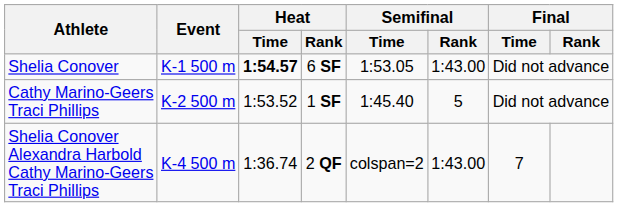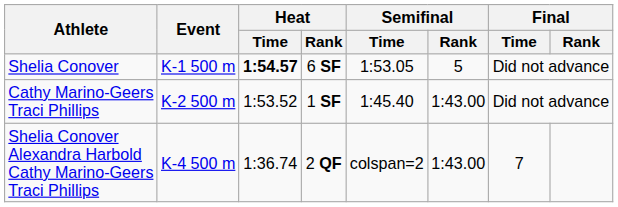 <table class=wikitable style=font-size:90%;text-align:center>
 <tr>
 <th rowspan=2>Athlete</th>
 <th rowspan=2>Event</th>
 <th colspan=2>Heat</th>
 <th colspan=2>Semifinal</th>
 <th colspan=2>Final</th>
 </tr>
 <tr style=font-size:95%>
 <th>Time</th>
 <th>Rank</th>
 <th>Time</th>
 <th>Rank</th>
 <th>Time</th>
 <th>Rank</th>
 </tr>
 <tr>
 <td align=left><a href='#'>Shelia Conover</a></td>
 <td align=left><a href='#'>K-1 500 m</a></td>
 <td><strong>1:54.57</strong></td>
 <td>6 <strong>SF</strong></td>
 <td>1:53.05</td>
-<td>1:43.00</td>
+<td>5</td>
 <td colspan=2>Did not advance</td>
 </tr>
 <tr>
 <td align=left><a href='#'>Cathy Marino-Geers</a><br><a href='#'>Traci Phillips</a></td>
 <td align=left><a href='#'>K-2 500 m</a></td>
 <td>1:53.52</td>
 <td>1 <strong>SF</strong></td>
 <td>1:45.40</td>
-<td>5</td>
+<td>1:43.00</td>
 <td colspan=2>Did not advance</td>
 </tr>
 <tr>
 <td align=left><a href='#'>Shelia Conover</a><br><a href='#'>Alexandra Harbold</a><br><a href='#'>Cathy Marino-Geers</a><br><a href='#'>Traci Phillips</a></td>
 <td align=left><a href='#'>K-4 500 m</a></td>
 <td>1:36.74</td>
 <td>2 <strong>QF</strong></td>
 <td>colspan=2 </td>
 <td>1:43.00</td>
 <td>7</td>
 </tr>
 </table>
